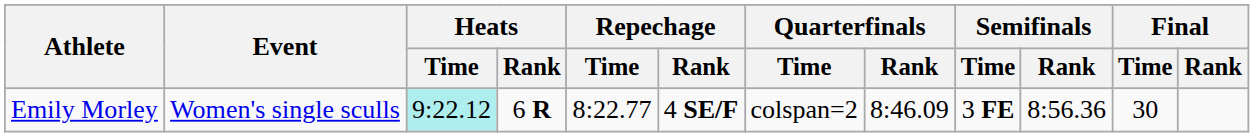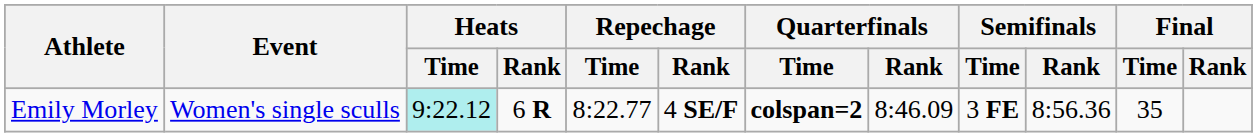 <table class="wikitable" style="font-size:90%">
 <tr>
 <th rowspan="2">Athlete</th>
 <th rowspan="2">Event</th>
 <th colspan="2">Heats</th>
 <th colspan="2">Repechage</th>
 <th colspan="2">Quarterfinals</th>
 <th colspan="2">Semifinals</th>
 <th colspan="2">Final</th>
 </tr>
 <tr style="font-size:95%">
 <th>Time</th>
 <th>Rank</th>
 <th>Time</th>
 <th>Rank</th>
 <th>Time</th>
 <th>Rank</th>
 <th>Time</th>
 <th>Rank</th>
 <th>Time</th>
 <th>Rank</th>
 </tr>
 <tr align=center>
 <td align=left><a href='#'>Emily Morley</a></td>
 <td align=left><a href='#'>Women's single sculls</a></td>
 <td style="background: paleturquoise;">9:22.12</td>
 <td>6 <strong>R</strong></td>
 <td>8:22.77</td>
 <td>4 <strong>SE/F</strong></td>
-<td>colspan=2 </td>
+<td><strong>colspan=2 </strong></td>
 <td>8:46.09</td>
 <td>3 <strong>FE</strong></td>
 <td>8:56.36</td>
-<td>30</td>
+<td>35</td>
 </tr>
 </table>
